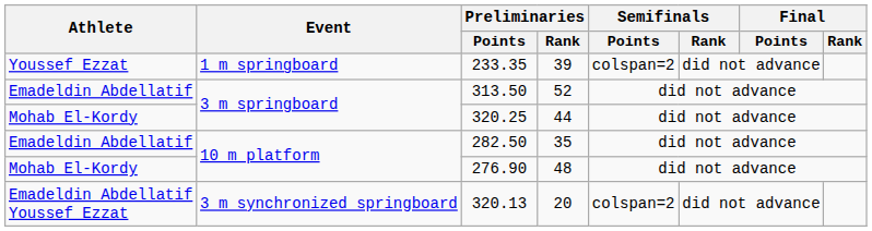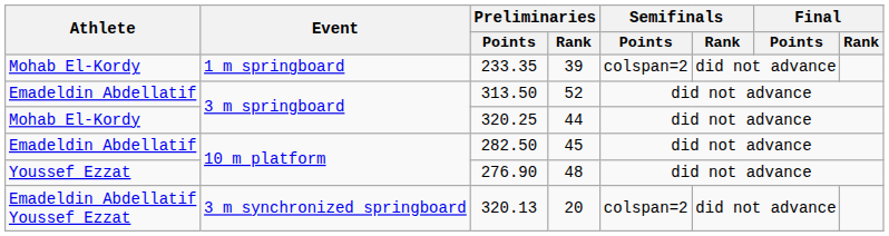 <table class=wikitable style="font-size:90%;">
 <tr>
 <th rowspan="2">Athlete</th>
 <th rowspan="2">Event</th>
 <th colspan="2">Preliminaries</th>
 <th colspan="2">Semifinals</th>
 <th colspan="2">Final</th>
 </tr>
 <tr style="font-size:95%">
 <th>Points</th>
 <th>Rank</th>
 <th>Points</th>
 <th>Rank</th>
 <th>Points</th>
 <th>Rank</th>
 </tr>
 <tr align=center>
-<td align=left><a href='#'>Youssef Ezzat</a></td>
+<td align=left><a href='#'>Mohab El-Kordy</a></td>
 <td align=left><a href='#'>1 m springboard</a></td>
 <td>233.35</td>
 <td>39</td>
 <td>colspan=2 </td>
 <td colspan=2>did not advance</td>
 </tr>
 <tr align=center>
 <td align=left><a href='#'>Emadeldin Abdellatif</a></td>
 <td align=left rowspan=2><a href='#'>3 m springboard</a></td>
 <td>313.50</td>
 <td>52</td>
 <td colspan=4>did not advance</td>
 </tr>
 <tr align=center>
 <td align=left><a href='#'>Mohab El-Kordy</a></td>
 <td>320.25</td>
 <td>44</td>
 <td colspan=4>did not advance</td>
 </tr>
 <tr align=center>
 <td align=left><a href='#'>Emadeldin Abdellatif</a></td>
 <td align=left rowspan=2><a href='#'>10 m platform</a></td>
 <td>282.50</td>
-<td>35</td>
+<td>45</td>
 <td colspan=4>did not advance</td>
 </tr>
 <tr align=center>
-<td align=left><a href='#'>Mohab El-Kordy</a></td>
+<td align=left><a href='#'>Youssef Ezzat</a></td>
 <td>276.90</td>
 <td>48</td>
 <td colspan=4>did not advance</td>
 </tr>
 <tr align=center>
 <td align=left><a href='#'>Emadeldin Abdellatif</a><br><a href='#'>Youssef Ezzat</a></td>
 <td align=left><a href='#'>3 m synchronized springboard</a></td>
 <td>320.13</td>
 <td>20</td>
 <td>colspan=2 </td>
 <td colspan=2>did not advance</td>
 </tr>
 </table>
